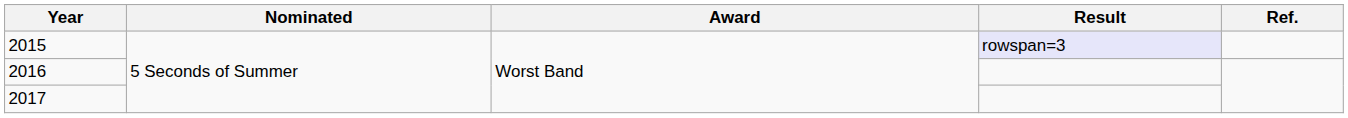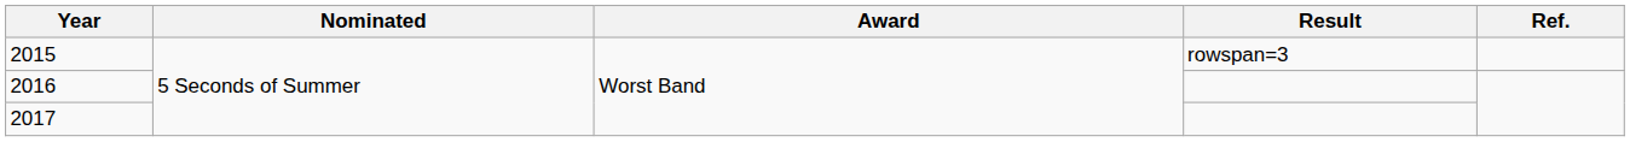 <table class="wikitable" style="width:100%;">
 <tr>
 <th width=5%>Year</th>
 <th style="width:15%;">Nominated</th>
 <th style="width:20%;">Award</th>
 <th style="width:10%;">Result</th>
 <th style="width:5%;">Ref.</th>
 </tr>
 <tr>
 <td>2015</td>
 <td rowspan=3>5 Seconds of Summer</td>
 <td rowspan="3">Worst Band</td>
-<td style="background: lavender;">rowspan=3 </td>
+<td>rowspan=3 </td>
 <td></td>
 </tr>
 <tr>
 <td>2016</td>
 <td></td>
 </tr>
 <tr>
 <td>2017</td>
 <td></td>
 </tr>
 </table>
